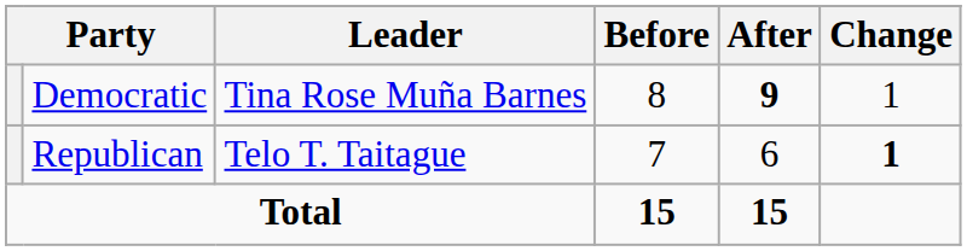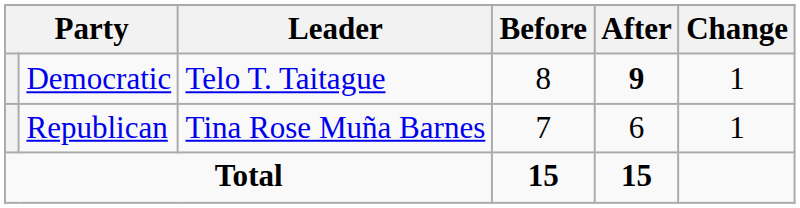 <table class="wikitable" style="text-align:center;">
 <tr>
 </tr>
 <tr>
 <th colspan=2>Party</th>
 <th>Leader</th>
 <th>Before</th>
 <th>After</th>
 <th>Change</th>
 </tr>
 <tr>
 <th style="background-color:"></th>
 <td style="text-align:left;"><a href='#'>Democratic</a></td>
-<td style="text-align:left;"><a href='#'>Tina Rose Muña Barnes</a></td>
+<td style="text-align:left;"><a href='#'>Telo T. Taitague</a></td>
 <td>8</td>
 <td><strong>9</strong></td>
 <td> 1</td>
 </tr>
 <tr>
 <th style="background-color:"></th>
 <td style="text-align:left;"><a href='#'>Republican</a></td>
-<td style="text-align:left;"><a href='#'>Telo T. Taitague</a></td>
+<td style="text-align:left;"><a href='#'>Tina Rose Muña Barnes</a></td>
 <td>7</td>
 <td>6</td>
-<td><strong> 1</strong></td>
+<td> 1</td>
 </tr>
 <tr>
 <td colspan=3><strong>Total</strong></td>
 <td><strong>15</strong></td>
 <td><strong>15</strong></td>
 <td></td>
 </tr>
 </table>
